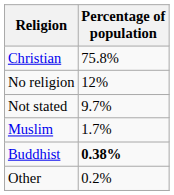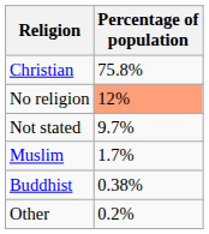 <table class="wikitable"  style="float:left; font-size:90%; margin-right:1em;">
 <tr>
 <th>Religion</th>
 <th>Percentage of <br>population</th>
 </tr>
 <tr>
 <td><a href='#'>Christian</a></td>
 <td>75.8%</td>
 </tr>
 <tr>
 <td>No religion</td>
-<td>12%</td>
+<td style="background: lightsalmon;">12%</td>
 </tr>
 <tr>
 <td>Not stated</td>
 <td>9.7%</td>
 </tr>
 <tr>
 <td><a href='#'>Muslim</a></td>
 <td>1.7%</td>
 </tr>
 <tr>
 <td><a href='#'>Buddhist</a></td>
-<td><strong>0.38%</strong></td>
+<td>0.38%</td>
 </tr>
 <tr>
 <td>Other</td>
 <td>0.2%</td>
 </tr>
 </table>
